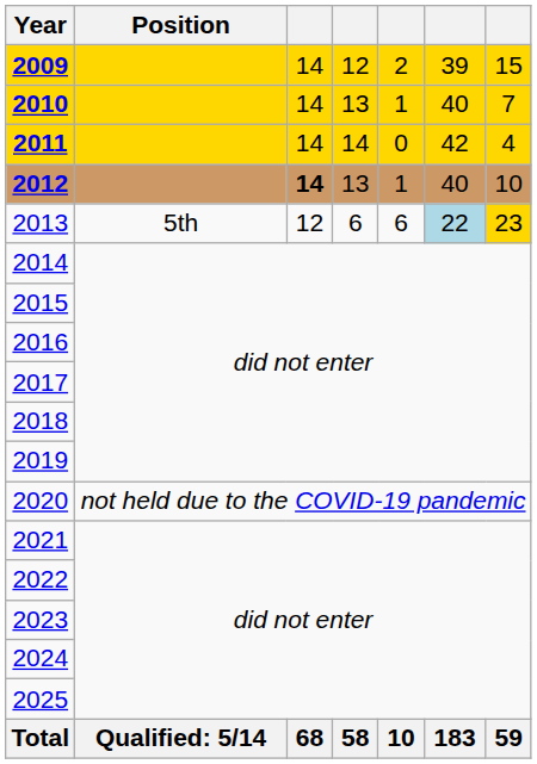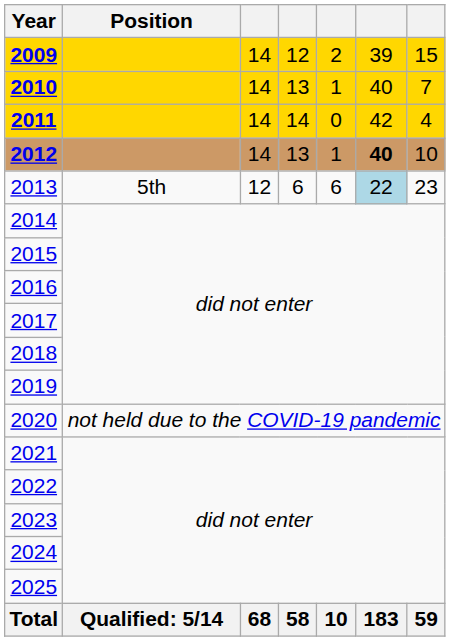 <table class="wikitable" style="text-align: center;">
 <tr>
 <th>Year</th>
 <th>Position</th>
 <th></th>
 <th></th>
 <th></th>
 <th></th>
 <th></th>
 </tr>
 <tr style="background:gold;">
 <td> <strong><a href='#'>2009</a></strong></td>
 <td></td>
 <td>14</td>
 <td>12</td>
 <td>2</td>
 <td>39</td>
 <td>15</td>
 </tr>
 <tr style="background:gold;">
 <td> <strong><a href='#'>2010</a></strong></td>
 <td></td>
 <td>14</td>
 <td>13</td>
 <td>1</td>
 <td>40</td>
 <td>7</td>
 </tr>
 <tr style="background:gold;">
 <td> <strong><a href='#'>2011</a></strong></td>
 <td></td>
 <td>14</td>
 <td>14</td>
 <td>0</td>
 <td>42</td>
 <td>4</td>
 </tr>
 <tr style="background:#c96;">
 <td> <strong><a href='#'>2012</a></strong></td>
 <td></td>
-<td><strong>14</strong></td>
+<td>14</td>
 <td>13</td>
 <td>1</td>
-<td>40</td>
+<td><strong>40</strong></td>
 <td>10</td>
 </tr>
 <tr>
 <td> <a href='#'>2013</a></td>
 <td>5th</td>
 <td>12</td>
 <td>6</td>
 <td>6</td>
 <td style="background: lightblue;">22</td>
-<td style="background: gold;">23</td>
+<td>23</td>
 </tr>
 <tr>
 <td> <a href='#'>2014</a></td>
 <td colspan=6 rowspan=6><em>did not enter</em></td>
 </tr>
 <tr>
 <td> <a href='#'>2015</a></td>
 </tr>
 <tr>
 <td> <a href='#'>2016</a></td>
 </tr>
 <tr>
 <td> <a href='#'>2017</a></td>
 </tr>
 <tr>
 <td> <a href='#'>2018</a></td>
 </tr>
 <tr>
 <td> <a href='#'>2019</a></td>
 </tr>
 <tr>
 <td> <a href='#'>2020</a></td>
 <td colspan="6"><em>not held due to the <a href='#'>COVID-19 pandemic</a></em></td>
 </tr>
 <tr>
 <td>  <a href='#'>2021</a></td>
 <td colspan=6 rowspan=5 align=center><em>did not enter</em></td>
 </tr>
 <tr>
 <td> <a href='#'>2022</a></td>
 </tr>
 <tr>
 <td> <a href='#'>2023</a></td>
 </tr>
 <tr>
 <td> <a href='#'>2024</a></td>
 </tr>
 <tr>
 <td> <a href='#'>2025</a></td>
 </tr>
 <tr>
 <th>Total</th>
 <th>Qualified: 5/14</th>
 <th>68</th>
 <th>58</th>
 <th>10</th>
 <th>183</th>
 <th>59</th>
 </tr>
 </table>
